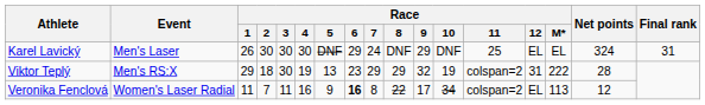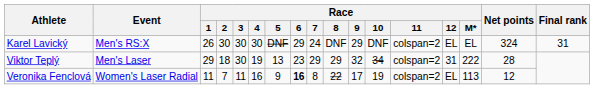 <table class="wikitable" style="font-size:90%">
 <tr>
 <th rowspan="2">Athlete</th>
 <th rowspan="2">Event</th>
 <th colspan=13>Race</th>
 <th rowspan=2>Net points</th>
 <th rowspan=2>Final rank</th>
 </tr>
 <tr style="font-size:95%">
 <th>1</th>
 <th>2</th>
 <th>3</th>
 <th>4</th>
 <th>5</th>
 <th>6</th>
 <th>7</th>
 <th>8</th>
 <th>9</th>
 <th>10</th>
 <th>11</th>
 <th>12</th>
 <th>M*</th>
 </tr>
 <tr align=center>
 <td align=left><a href='#'>Karel Lavický</a></td>
-<td align=left><a href='#'>Men's Laser</a></td>
+<td align=left><a href='#'>Men's RS:X</a></td>
 <td>26</td>
 <td>30</td>
 <td>30</td>
 <td>30</td>
 <td><s>DNF</s></td>
 <td>29</td>
 <td>24</td>
 <td>DNF</td>
 <td>29</td>
 <td>DNF</td>
-<td>25</td>
+<td>colspan=2 </td>
 <td>EL</td>
 <td>EL</td>
 <td>324</td>
 <td>31</td>
 </tr>
 <tr align=center>
 <td align=left><a href='#'>Viktor Teplý</a></td>
-<td align=left><a href='#'>Men's RS:X</a></td>
+<td align=left><a href='#'>Men's Laser</a></td>
 <td>29</td>
 <td>18</td>
 <td>30</td>
 <td>19</td>
 <td>13</td>
 <td>23</td>
 <td>29</td>
 <td>29</td>
 <td>32</td>
-<td>19</td>
+<td><s>34</s></td>
 <td>colspan=2 </td>
 <td>31</td>
 <td>222</td>
 <td>28</td>
 </tr>
 <tr align=center>
 <td align=left><a href='#'>Veronika Fenclová</a></td>
 <td align=left><a href='#'>Women's Laser Radial</a></td>
 <td>11</td>
 <td>7</td>
 <td>11</td>
 <td>16</td>
 <td>9</td>
 <td><strong>16</strong></td>
 <td>8</td>
 <td><s>22</s></td>
 <td>17</td>
-<td><s>34</s></td>
+<td>19</td>
 <td>colspan=2 </td>
 <td>EL</td>
 <td>113</td>
 <td>12</td>
 </tr>
 </table>
